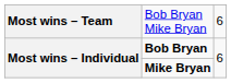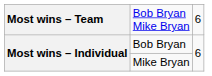 <table class=wikitable>
 <tr>
 <th style="text-align:left;">Most wins – Team</th>
 <td> <a href='#'>Bob Bryan</a><br> <a href='#'>Mike Bryan</a></td>
 <td style="text-align:center;">6</td>
 </tr>
 <tr>
 <th rowspan = 2 style="text-align:left;">Most wins – Individual</th>
-<td><strong> Bob Bryan</strong></td>
+<td> Bob Bryan</td>
 <td rowspan = 2 style="text-align:center;">6</td>
 </tr>
 <tr>
-<td><strong> Mike Bryan</strong></td>
+<td> Mike Bryan</td>
 </tr>
 </table>
